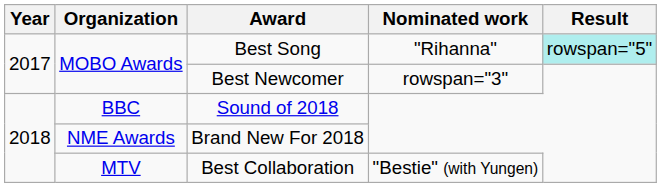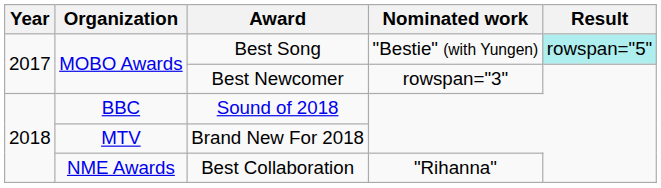 <table class="wikitable plainrowheaders" style="text-align:center;">
 <tr>
 <th>Year</th>
 <th>Organization</th>
 <th>Award</th>
 <th>Nominated work</th>
 <th>Result</th>
 </tr>
 <tr>
 <td rowspan="2">2017</td>
 <td rowspan="2"><a href='#'>MOBO Awards</a></td>
 <td>Best Song</td>
-<td>"Rihanna"</td>
+<td>"Bestie" <small>(with Yungen)</small></td>
 <td style="background: paleturquoise;">rowspan="5" </td>
 </tr>
 <tr>
 <td>Best Newcomer</td>
 <td>rowspan="3"  </td>
 </tr>
 <tr>
 <td rowspan="3">2018</td>
 <td><a href='#'>BBC</a></td>
 <td><a href='#'>Sound of 2018</a></td>
 </tr>
 <tr>
-<td><a href='#'>NME Awards</a></td>
+<td><a href='#'>MTV</a></td>
 <td>Brand New For 2018</td>
 </tr>
 <tr>
-<td><a href='#'>MTV</a></td>
+<td><a href='#'>NME Awards</a></td>
 <td>Best Collaboration</td>
-<td>"Bestie" <small>(with Yungen)</small></td>
+<td>"Rihanna"</td>
 </tr>
 </table>
